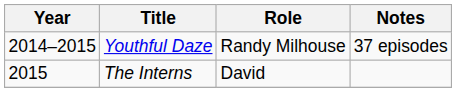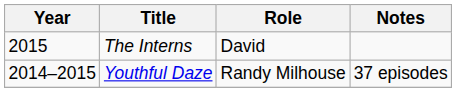 <table class="wikitable">
 <tr>
 <th>Year</th>
 <th>Title</th>
 <th>Role</th>
 <th>Notes</th>
 </tr>
 <tr>
+<td>2015</td>
+<td><em>The Interns</em></td>
+<td>David</td>
+<td></td>
+</tr>
+<tr>
 <td>2014–2015</td>
 <td><em><a href='#'>Youthful Daze</a></em></td>
 <td>Randy Milhouse</td>
 <td>37 episodes</td>
 </tr>
 <tr>
-<td>2015</td>
-<td><em>The Interns</em></td>
-<td>David</td>
-<td></td>
-</tr>
-<tr>
 </tr>
 </table>
